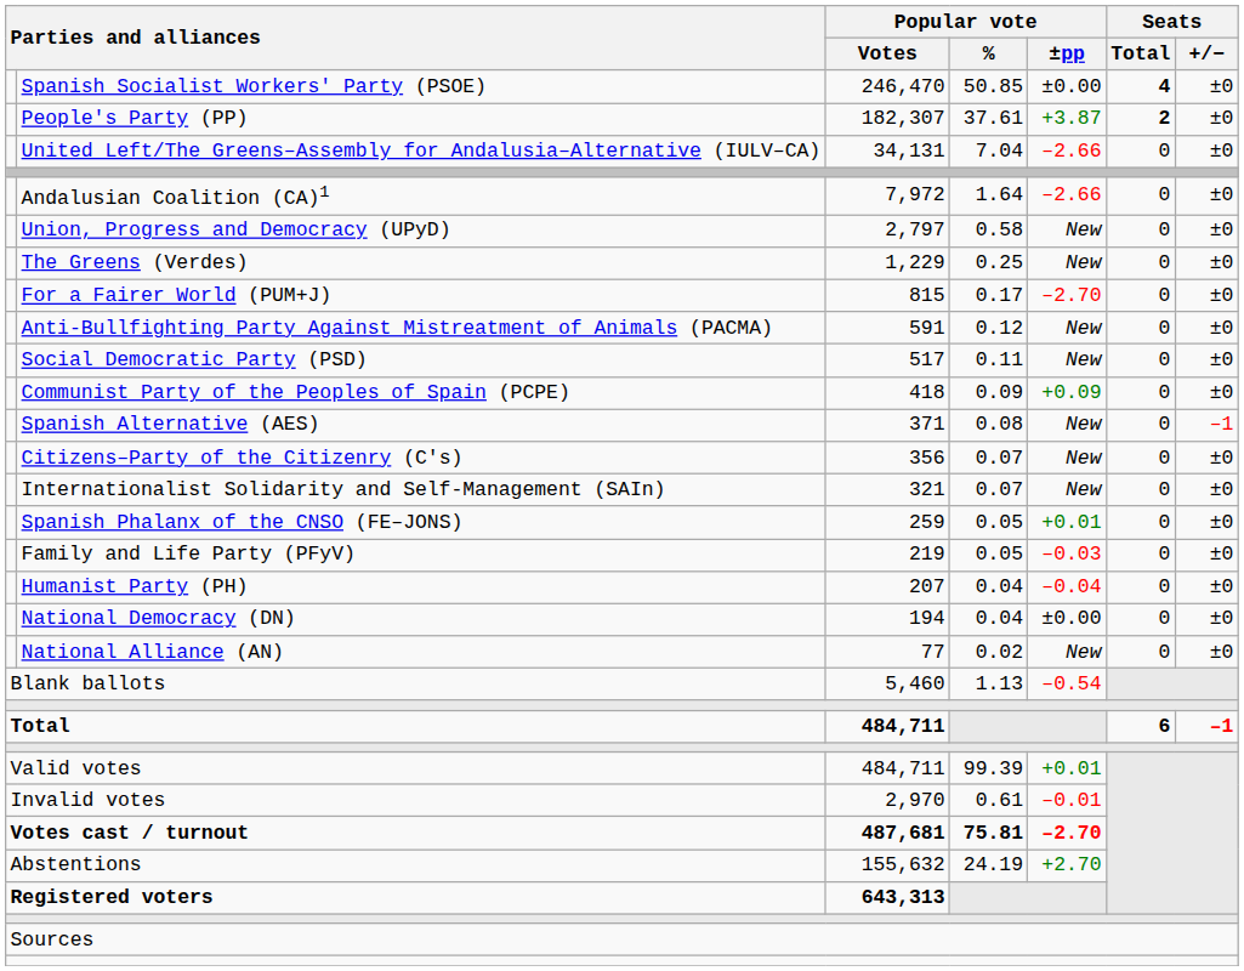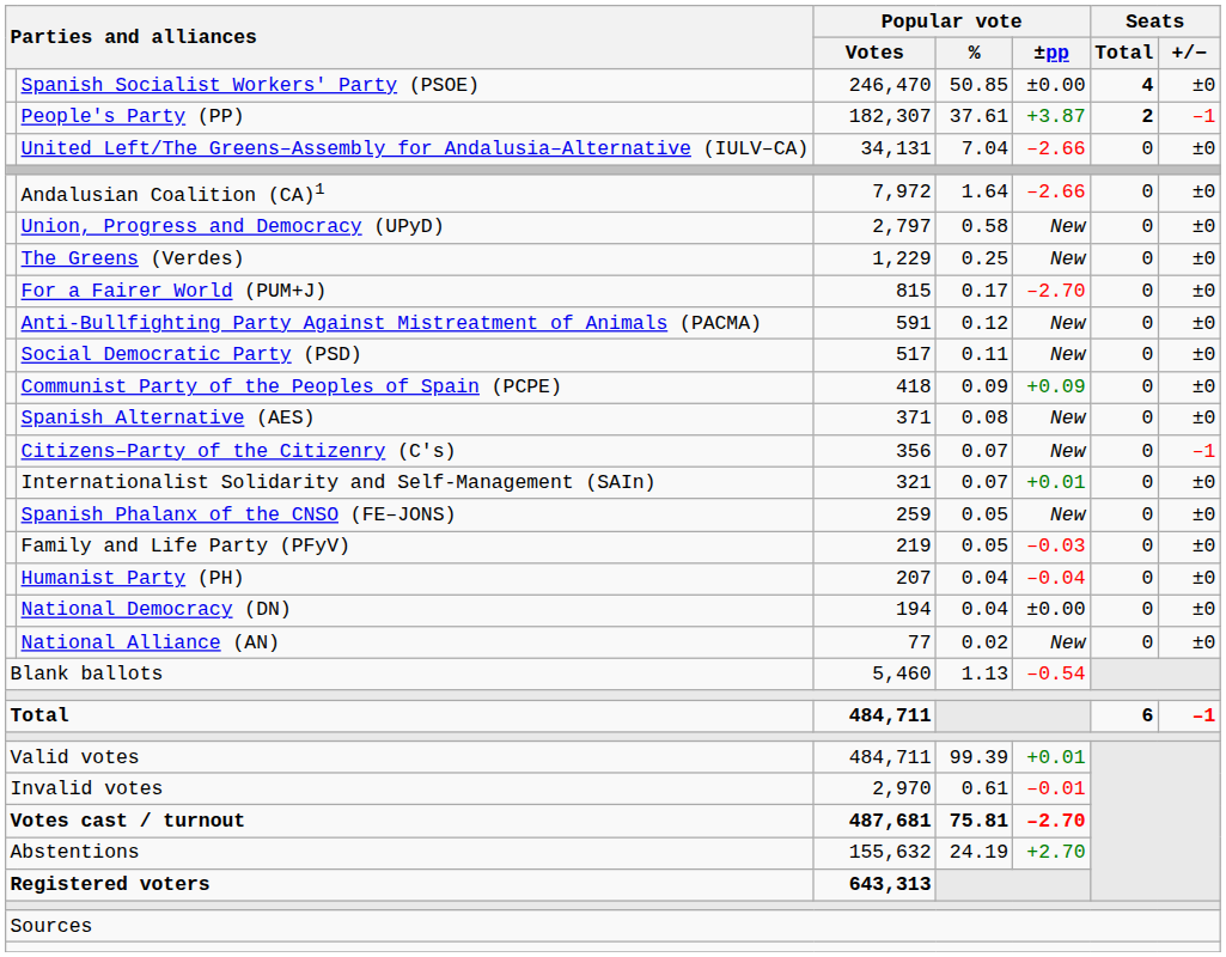 <table class="wikitable" style="text-align:right;">
 <tr>
 <th style="text-align:left;" rowspan="2" colspan="2" width="525">Parties and alliances</th>
 <th colspan="3">Popular vote</th>
 <th colspan="2">Seats</th>
 </tr>
 <tr>
 <th width="75">Votes</th>
 <th width="45">%</th>
 <th width="45">±<a href='#'>pp</a></th>
 <th width="35">Total</th>
 <th width="35">+/−</th>
 </tr>
 <tr>
 <td width="1" style="color:inherit;background:"></td>
 <td align="left"><a href='#'>Spanish Socialist Workers' Party</a> (PSOE)</td>
 <td>246,470</td>
 <td>50.85</td>
 <td>±0.00</td>
 <td><strong>4</strong></td>
 <td>±0</td>
 </tr>
 <tr>
 <td style="color:inherit;background:"></td>
 <td align="left"><a href='#'>People's Party</a> (PP)</td>
 <td>182,307</td>
 <td>37.61</td>
 <td style="color:green;">+3.87</td>
 <td><strong>2</strong></td>
-<td>±0</td>
+<td style="color:red;">–1</td>
 </tr>
 <tr>
 <td style="color:inherit;background:"></td>
 <td align="left"><a href='#'>United Left/The Greens–Assembly for Andalusia–Alternative</a> (IULV–CA)</td>
 <td>34,131</td>
 <td>7.04</td>
 <td style="color:red;">–2.66</td>
 <td>0</td>
 <td>±0</td>
 </tr>
 <tr>
 <td colspan="7" bgcolor="#C0C0C0"></td>
 </tr>
 <tr>
 <td style="color:inherit;background:"></td>
 <td align="left">Andalusian Coalition (CA)<sup>1</sup></td>
 <td>7,972</td>
 <td>1.64</td>
 <td style="color:red;">–2.66</td>
 <td>0</td>
 <td>±0</td>
 </tr>
 <tr>
 <td style="color:inherit;background:"></td>
 <td align="left"><a href='#'>Union, Progress and Democracy</a> (UPyD)</td>
 <td>2,797</td>
 <td>0.58</td>
 <td><em>New</em></td>
 <td>0</td>
 <td>±0</td>
 </tr>
 <tr>
 <td style="color:inherit;background:"></td>
 <td align="left"><a href='#'>The Greens</a> (Verdes)</td>
 <td>1,229</td>
 <td>0.25</td>
 <td><em>New</em></td>
 <td>0</td>
 <td>±0</td>
 </tr>
 <tr>
 <td style="color:inherit;background:"></td>
 <td align="left"><a href='#'>For a Fairer World</a> (PUM+J)</td>
 <td>815</td>
 <td>0.17</td>
 <td style="color:red;">–2.70</td>
 <td>0</td>
 <td>±0</td>
 </tr>
 <tr>
 <td style="color:inherit;background:"></td>
 <td align="left"><a href='#'>Anti-Bullfighting Party Against Mistreatment of Animals</a> (PACMA)</td>
 <td>591</td>
 <td>0.12</td>
 <td><em>New</em></td>
 <td>0</td>
 <td>±0</td>
 </tr>
 <tr>
 <td style="color:inherit;background:"></td>
 <td align="left"><a href='#'>Social Democratic Party</a> (PSD)</td>
 <td>517</td>
 <td>0.11</td>
 <td><em>New</em></td>
 <td>0</td>
 <td>±0</td>
 </tr>
 <tr>
 <td style="color:inherit;background:"></td>
 <td align="left"><a href='#'>Communist Party of the Peoples of Spain</a> (PCPE)</td>
 <td>418</td>
 <td>0.09</td>
 <td style="color:green;">+0.09</td>
 <td>0</td>
 <td>±0</td>
 </tr>
 <tr>
 <td style="color:inherit;background:"></td>
 <td align="left"><a href='#'>Spanish Alternative</a> (AES)</td>
 <td>371</td>
 <td>0.08</td>
 <td><em>New</em></td>
 <td>0</td>
-<td style="color:red;">–1</td>
+<td>±0</td>
 </tr>
 <tr>
 <td style="color:inherit;background:"></td>
 <td align="left"><a href='#'>Citizens–Party of the Citizenry</a> (C's)</td>
 <td>356</td>
 <td>0.07</td>
 <td><em>New</em></td>
 <td>0</td>
-<td>±0</td>
+<td style="color:red;">–1</td>
 </tr>
 <tr>
 <td style="color:inherit;background:"></td>
 <td align="left">Internationalist Solidarity and Self-Management (SAIn)</td>
 <td>321</td>
 <td>0.07</td>
-<td><em>New</em></td>
+<td style="color:green;">+0.01</td>
 <td>0</td>
 <td>±0</td>
 </tr>
 <tr>
 <td style="color:inherit;background:"></td>
 <td align="left"><a href='#'>Spanish Phalanx of the CNSO</a> (FE–JONS)</td>
 <td>259</td>
 <td>0.05</td>
-<td style="color:green;">+0.01</td>
+<td><em>New</em></td>
 <td>0</td>
 <td>±0</td>
 </tr>
 <tr>
 <td style="color:inherit;background:"></td>
 <td align="left">Family and Life Party (PFyV)</td>
 <td>219</td>
 <td>0.05</td>
 <td style="color:red;">–0.03</td>
 <td>0</td>
 <td>±0</td>
 </tr>
 <tr>
 <td style="color:inherit;background:"></td>
 <td align="left"><a href='#'>Humanist Party</a> (PH)</td>
 <td>207</td>
 <td>0.04</td>
 <td style="color:red;">–0.04</td>
 <td>0</td>
 <td>±0</td>
 </tr>
 <tr>
 <td style="color:inherit;background:"></td>
 <td align="left"><a href='#'>National Democracy</a> (DN)</td>
 <td>194</td>
 <td>0.04</td>
 <td>±0.00</td>
 <td>0</td>
 <td>±0</td>
 </tr>
 <tr>
 <td style="color:inherit;background:"></td>
 <td align="left"><a href='#'>National Alliance</a> (AN)</td>
 <td>77</td>
 <td>0.02</td>
 <td><em>New</em></td>
 <td>0</td>
 <td>±0</td>
 </tr>
 <tr>
 <td align="left" colspan="2">Blank ballots</td>
 <td>5,460</td>
 <td>1.13</td>
 <td style="color:red;">–0.54</td>
 <td bgcolor="#E9E9E9" colspan="2"></td>
 </tr>
 <tr>
 <td colspan="7" bgcolor="#E9E9E9"></td>
 </tr>
 <tr style="font-weight:bold;">
 <td align="left" colspan="2">Total</td>
 <td>484,711</td>
 <td bgcolor="#E9E9E9" colspan="2"></td>
 <td>6</td>
 <td style="color:red;">–1</td>
 </tr>
 <tr>
 <td colspan="7" bgcolor="#E9E9E9"></td>
 </tr>
 <tr>
 <td align="left" colspan="2">Valid votes</td>
 <td>484,711</td>
 <td>99.39</td>
 <td style="color:green;">+0.01</td>
 <td bgcolor="#E9E9E9" colspan="2" rowspan="5"></td>
 </tr>
 <tr>
 <td align="left" colspan="2">Invalid votes</td>
 <td>2,970</td>
 <td>0.61</td>
 <td style="color:red;">–0.01</td>
 </tr>
 <tr style="font-weight:bold;">
 <td align="left" colspan="2">Votes cast / turnout</td>
 <td>487,681</td>
 <td>75.81</td>
 <td style="color:red;">–2.70</td>
 </tr>
 <tr>
 <td align="left" colspan="2">Abstentions</td>
 <td>155,632</td>
 <td>24.19</td>
 <td style="color:green;">+2.70</td>
 </tr>
 <tr style="font-weight:bold;">
 <td align="left" colspan="2">Registered voters</td>
 <td>643,313</td>
 <td bgcolor="#E9E9E9" colspan="2"></td>
 </tr>
 <tr>
 <td colspan="7" bgcolor="#E9E9E9"></td>
 </tr>
 <tr>
 <td align="left" colspan="7">Sources</td>
 </tr>
 <tr>
 <td colspan="7" style="text-align:left; max-width:790px;"></td>
 </tr>
 </table>
